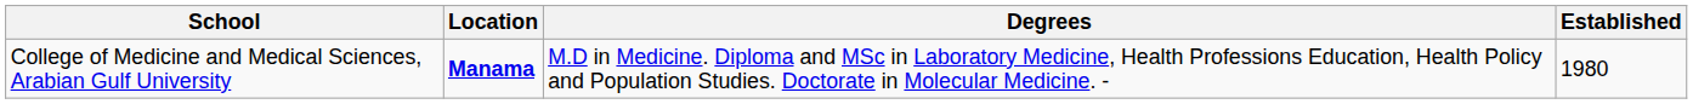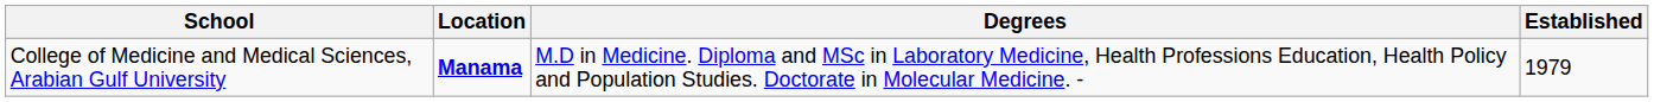 <table class="wikitable sortable">
 <tr>
 <th>School</th>
 <th>Location</th>
 <th>Degrees</th>
 <th>Established</th>
 </tr>
 <tr>
 <td>College of Medicine and Medical Sciences, <a href='#'>Arabian Gulf University</a></td>
 <td><strong><a href='#'>Manama</a></strong></td>
 <td><a href='#'>M.D</a> in <a href='#'>Medicine</a>. <a href='#'>Diploma</a> and <a href='#'>MSc</a> in <a href='#'>Laboratory Medicine</a>, Health Professions Education, Health Policy and Population Studies. <a href='#'>Doctorate</a> in <a href='#'>Molecular Medicine</a>. -</td>
-<td>1980</td>
+<td>1979</td>
 </tr>
 </table>
